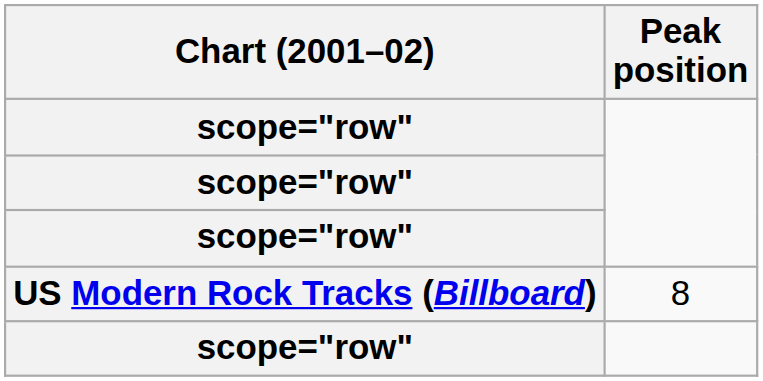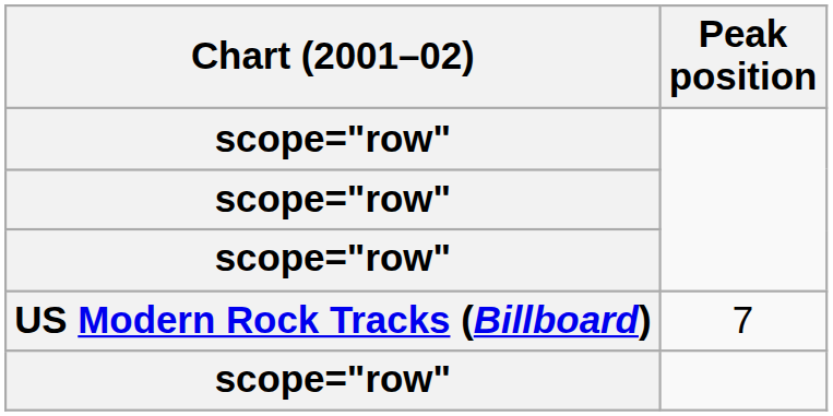 <table class="wikitable sortable plainrowheaders" style="text-align:center;">
 <tr>
 <th scope="col">Chart (2001–02)</th>
 <th scope="col">Peak<br>position</th>
 </tr>
 <tr>
 <th>scope="row"  </th>
 </tr>
 <tr>
 <th>scope="row"  </th>
 </tr>
 <tr>
 <th>scope="row" </th>
 </tr>
 <tr>
 <th scope="row">US <a href='#'>Modern Rock Tracks</a> (<em><a href='#'>Billboard</a></em>)</th>
-<td align="center">8</td>
+<td align="center">7</td>
 </tr>
 <tr>
 <th>scope="row"  </th>
 </tr>
 </table>
